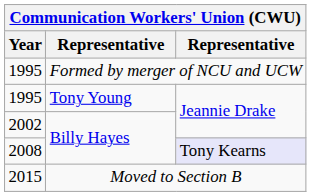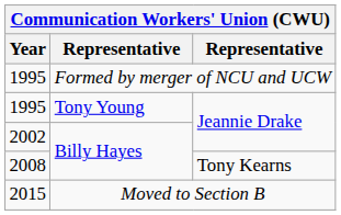 <table class="wikitable">
 <tr>
 <th colspan=3><a href='#'>Communication Workers' Union</a> (CWU)</th>
 </tr>
 <tr>
 <th>Year</th>
 <th>Representative</th>
 <th>Representative</th>
 </tr>
 <tr>
 <td>1995</td>
 <td colspan=2 align="center"><em>Formed by merger of NCU and UCW</em></td>
 </tr>
 <tr>
 <td>1995</td>
 <td><a href='#'>Tony Young</a></td>
 <td rowspan=2><a href='#'>Jeannie Drake</a></td>
 </tr>
 <tr>
 <td>2002</td>
 <td rowspan=2><a href='#'>Billy Hayes</a></td>
 </tr>
 <tr>
 <td>2008</td>
-<td style="background: lavender;">Tony Kearns</td>
+<td>Tony Kearns</td>
 </tr>
 <tr>
 <td>2015</td>
 <td colspan=2 align="center"><em>Moved to Section B</em></td>
 </tr>
 </table>
